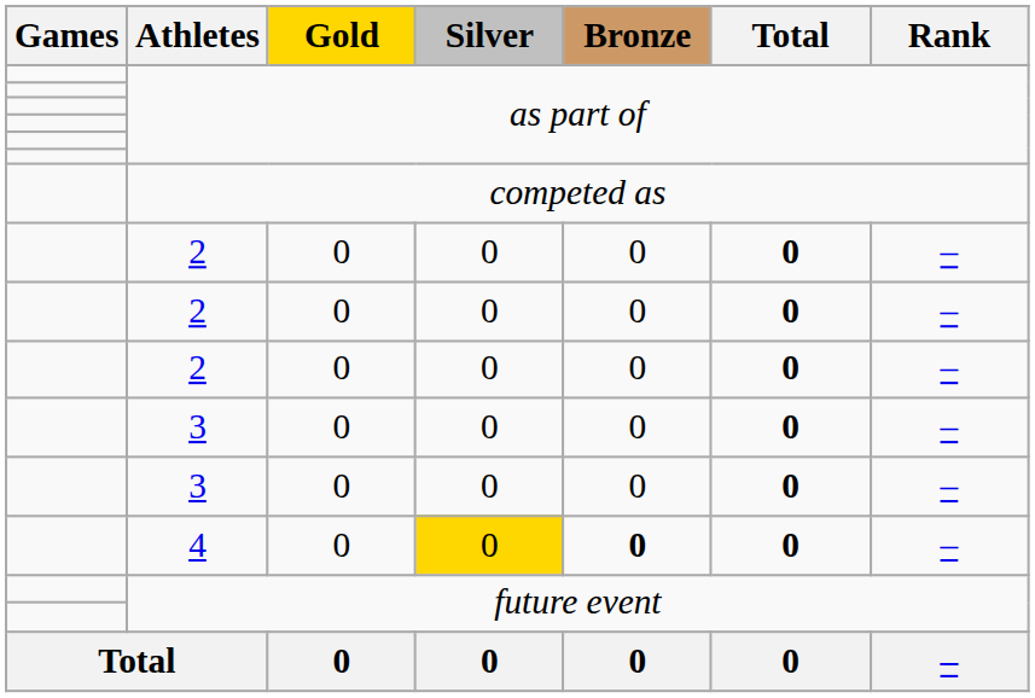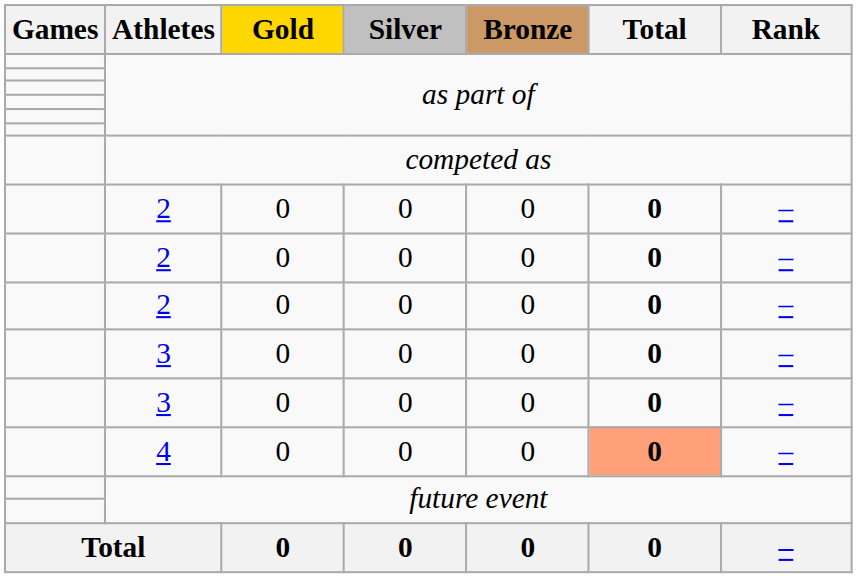 <table class="wikitable" style="text-align:center; font-size:90%;">
 <tr>
 <th>Games</th>
 <th>Athletes</th>
 <td style="background:gold; width:3.7em; font-weight:bold;">Gold</td>
 <td style="background:silver; width:3.7em; font-weight:bold;">Silver</td>
 <td style="background:#cc9966; width:3.7em; font-weight:bold;">Bronze</td>
 <th style="width:4em; font-weight:bold;">Total</th>
 <th style="width:4em; font-weight:bold;">Rank</th>
 </tr>
 <tr>
 <td align=left></td>
 <td colspan=6; rowspan=6><em>as part of </em></td>
 </tr>
 <tr>
 <td align=left></td>
 </tr>
 <tr>
 <td align=left></td>
 </tr>
 <tr>
 <td align=left></td>
 </tr>
 <tr>
 <td align=left></td>
 </tr>
 <tr>
 <td align=left></td>
 </tr>
 <tr>
 <td align=left></td>
 <td colspan=6><em>competed as </em></td>
 </tr>
 <tr>
 <td align=left></td>
 <td><a href='#'>2</a></td>
 <td>0</td>
 <td>0</td>
 <td>0</td>
 <td><strong>0</strong></td>
 <td><a href='#'>–</a></td>
 </tr>
 <tr>
 <td align=left></td>
 <td><a href='#'>2</a></td>
 <td>0</td>
 <td>0</td>
 <td>0</td>
 <td><strong>0</strong></td>
 <td><a href='#'>–</a></td>
 </tr>
 <tr>
 <td align=left></td>
 <td><a href='#'>2</a></td>
 <td>0</td>
 <td>0</td>
 <td>0</td>
 <td><strong>0</strong></td>
 <td><a href='#'>–</a></td>
 </tr>
 <tr>
 <td align=left></td>
 <td><a href='#'>3</a></td>
 <td>0</td>
 <td>0</td>
 <td>0</td>
 <td><strong>0</strong></td>
 <td><a href='#'>–</a></td>
 </tr>
 <tr>
 <td align=left></td>
 <td><a href='#'>3</a></td>
 <td>0</td>
 <td>0</td>
 <td>0</td>
 <td><strong>0</strong></td>
 <td><a href='#'>–</a></td>
 </tr>
 <tr>
 <td align=left></td>
 <td><a href='#'>4</a></td>
 <td>0</td>
-<td style="background: gold;">0</td>
-<td><strong>0</strong></td>
-<td><strong>0</strong></td>
+<td>0</td>
+<td>0</td>
+<td style="background: lightsalmon;"><strong>0</strong></td>
 <td><a href='#'>–</a></td>
 </tr>
 <tr>
 <td align=left></td>
 <td colspan=6; rowspan=2><em>future event</em></td>
 </tr>
 <tr>
 <td align=left></td>
 </tr>
 <tr>
 <th colspan=2>Total</th>
 <th>0</th>
 <th>0</th>
 <th>0</th>
 <th>0</th>
 <th><a href='#'>–</a></th>
 </tr>
 </table>
